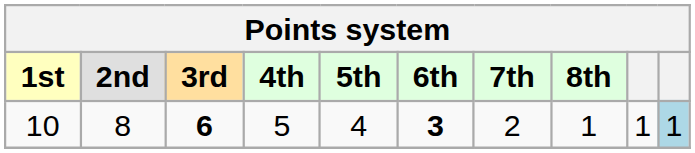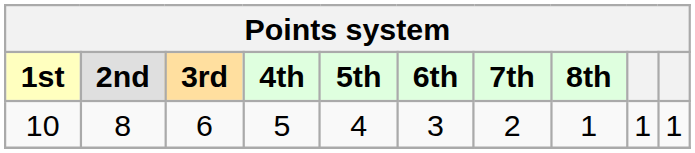 <table class="wikitable" style="font-size:85%; text-align:center">
 <tr>
 <th colspan="20">Points system</th>
 </tr>
 <tr>
 <td style="background:#ffffbf;"> <strong>1st</strong> </td>
 <td style="background:#dfdfdf;"> <strong>2nd</strong> </td>
 <td style="background:#ffdf9f;"> <strong>3rd</strong> </td>
 <td style="background:#dfffdf;"> <strong>4th</strong> </td>
 <td style="background:#dfffdf;"> <strong>5th</strong> </td>
 <td style="background:#dfffdf;"> <strong>6th</strong> </td>
 <td style="background:#dfffdf;"> <strong>7th</strong> </td>
 <td style="background:#dfffdf;"> <strong>8th</strong> </td>
 <th></th>
 <th></th>
 </tr>
 <tr>
 <td>10</td>
 <td>8</td>
-<td><strong>6</strong></td>
+<td>6</td>
 <td>5</td>
 <td>4</td>
-<td><strong>3</strong></td>
+<td>3</td>
 <td>2</td>
 <td>1</td>
 <td>1</td>
-<td style="background: lightblue;">1</td>
+<td>1</td>
 </tr>
 <tr>
 </tr>
 </table>
